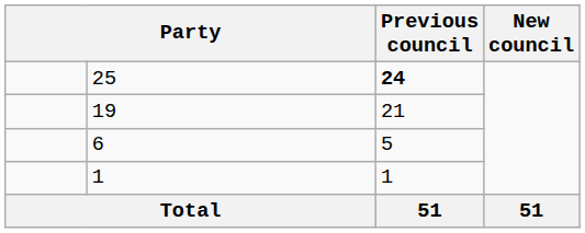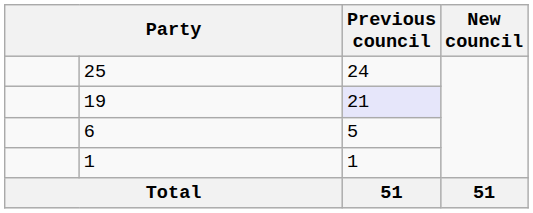 <table class="wikitable">
 <tr>
 <th valign=centre colspan="2" style="width: 230px">Party</th>
 <th valign=top style="width: 30px">Previous council</th>
 <th valign=top style="width: 30px">New council</th>
 </tr>
 <tr>
 <td></td>
 <td>25</td>
-<td><strong>24</strong></td>
+<td>24</td>
 </tr>
 <tr>
 <td></td>
 <td>19</td>
-<td>21</td>
+<td style="background: lavender;">21</td>
 </tr>
 <tr>
 <td></td>
 <td>6</td>
 <td>5</td>
 </tr>
 <tr>
 <td></td>
 <td>1</td>
 <td>1</td>
 </tr>
 <tr>
 <th colspan=2>Total</th>
 <th style="text-align: center">51</th>
 <th colspan=3>51</th>
 </tr>
 </table>
